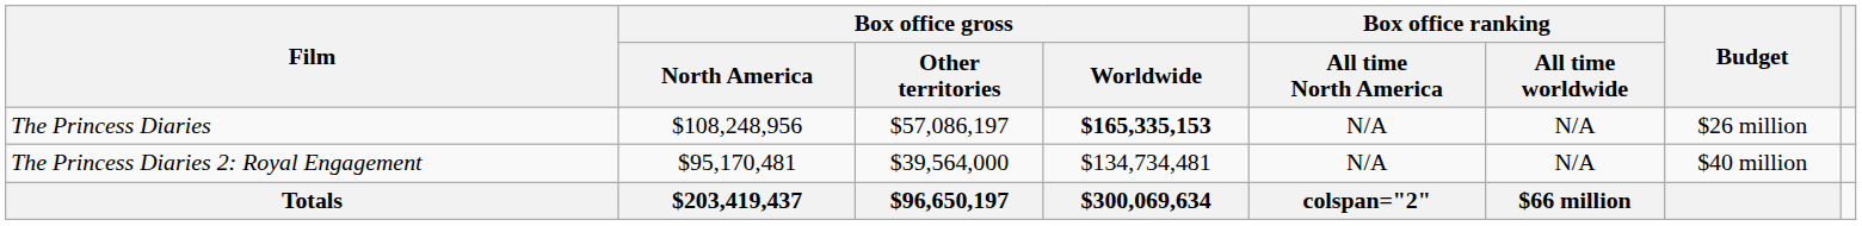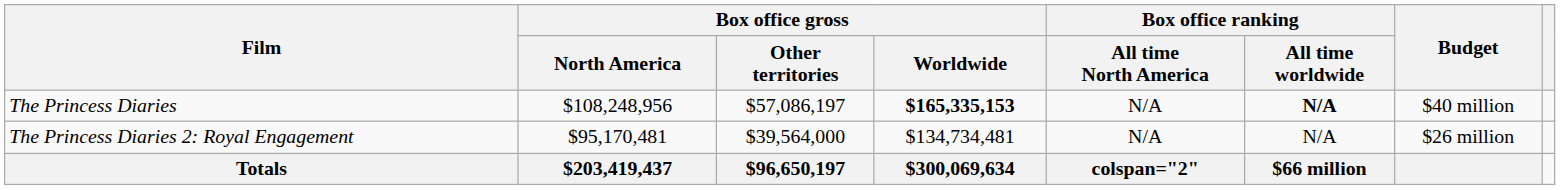 <table class="wikitable" style="width:99%;">
 <tr>
 <th rowspan="2">Film</th>
 <th colspan="3">Box office gross</th>
 <th colspan="2" text="wrap">Box office ranking</th>
 <th rowspan="2">Budget</th>
 <th rowspan="2"></th>
 </tr>
 <tr>
 <th>North America</th>
 <th>Other<br>territories</th>
 <th>Worldwide</th>
 <th>All time<br>North America</th>
 <th>All time<br>worldwide</th>
 </tr>
 <tr>
 <td><em>The Princess Diaries</em></td>
 <td style="text-align:center;">$108,248,956</td>
 <td style="text-align:center;">$57,086,197</td>
 <td style="text-align:center;"><strong>$165,335,153</strong></td>
 <td style="text-align:center;">N/A</td>
-<td style="text-align:center;">N/A</td>
-<td style="text-align:center;">$26 million</td>
+<td style="text-align:center;"><strong>N/A</strong></td>
+<td style="text-align:center;">$40 million</td>
 <td></td>
 </tr>
 <tr>
 <td><em>The Princess Diaries 2: Royal Engagement</em></td>
 <td style="text-align:center;">$95,170,481</td>
 <td style="text-align:center;">$39,564,000</td>
 <td style="text-align:center;">$134,734,481</td>
 <td style="text-align:center;">N/A</td>
 <td style="text-align:center;">N/A</td>
-<td style="text-align:center;">$40 million</td>
+<td style="text-align:center;">$26 million</td>
 <td></td>
 </tr>
 <tr>
 <th>Totals</th>
 <th>$203,419,437</th>
 <th>$96,650,197</th>
 <th>$300,069,634</th>
 <th>colspan="2" </th>
 <th>$66 million</th>
 <th></th>
 </tr>
 </table>
